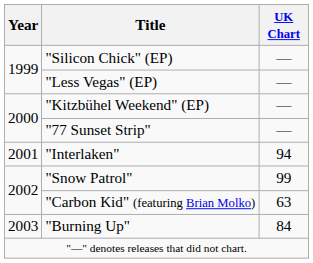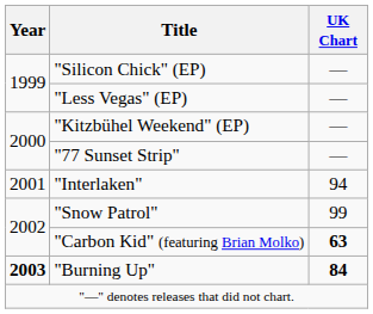 <table class="wikitable">
 <tr>
 <th>Year</th>
 <th>Title</th>
 <th style="width:45px;"><small><a href='#'>UK Chart</a></small><br></th>
 </tr>
 <tr>
 <td rowspan="2">1999</td>
 <td>"Silicon Chick" (EP)</td>
 <td align=center>—</td>
 </tr>
 <tr>
 <td>"Less Vegas" (EP)</td>
 <td align=center>—</td>
 </tr>
 <tr>
 <td rowspan="2">2000</td>
 <td>"Kitzbühel Weekend" (EP)</td>
 <td align=center>—</td>
 </tr>
 <tr>
 <td>"77 Sunset Strip"</td>
 <td align=center>—</td>
 </tr>
 <tr>
 <td rowspan="1">2001</td>
 <td>"Interlaken"</td>
 <td align=center>94</td>
 </tr>
 <tr>
 <td rowspan="2">2002</td>
 <td>"Snow Patrol"</td>
 <td align=center>99</td>
 </tr>
 <tr>
 <td>"Carbon Kid" <small>(featuring <a href='#'>Brian Molko</a>)</small></td>
-<td align=center>63</td>
+<td align=center><strong>63</strong></td>
 </tr>
 <tr>
-<td rowspan="1">2003</td>
+<td rowspan="1"><strong>2003</strong></td>
 <td>"Burning Up"</td>
-<td align=center>84</td>
+<td align=center><strong>84</strong></td>
 </tr>
 <tr>
 <td colspan="4" style="text-align:center; font-size:9pt;">"—" denotes releases that did not chart.</td>
 </tr>
 </table>
